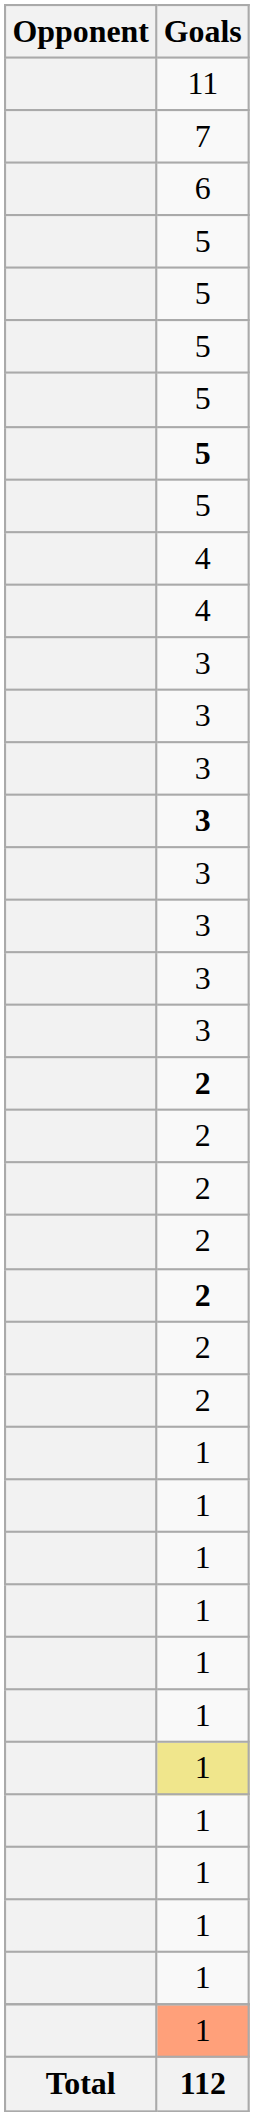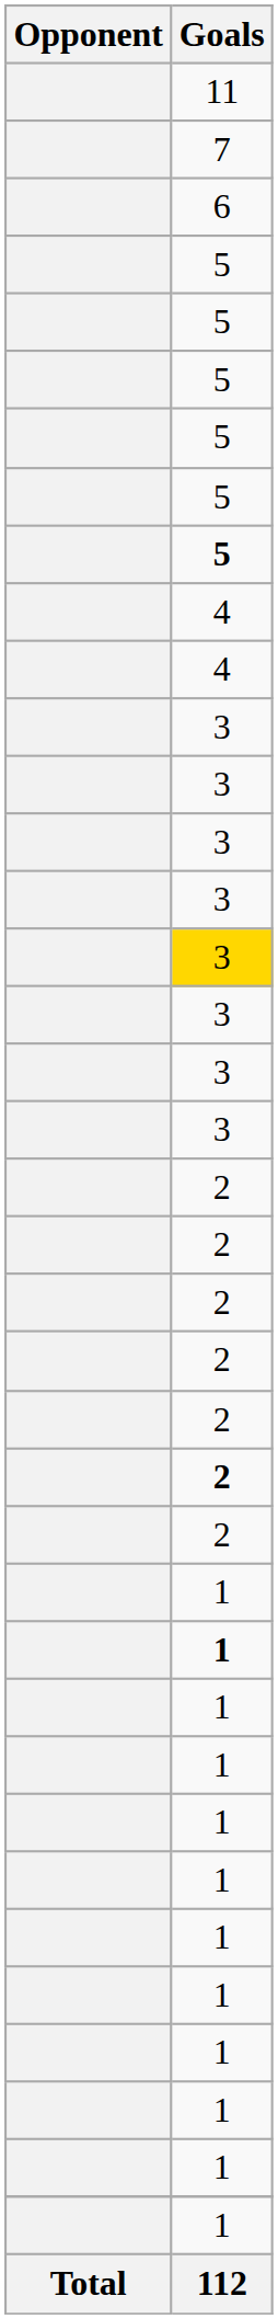 <table class="wikitable plainrowheaders sortable" style="text-align:center; font-size:95%">
 <tr>
 <th scope="col">Opponent</th>
 <th scope="col">Goals</th>
 </tr>
 <tr>
 <th scope="row"></th>
 <td>11</td>
 </tr>
 <tr>
 <th scope="row"></th>
 <td>7</td>
 </tr>
 <tr>
 <th scope="row"></th>
 <td>6</td>
 </tr>
 <tr>
 <th scope="row"></th>
 <td>5</td>
 </tr>
 <tr>
 <th scope="row"></th>
 <td>5</td>
 </tr>
 <tr>
 <th scope="row"></th>
 <td>5</td>
 </tr>
 <tr>
 <th scope="row"></th>
 <td>5</td>
 </tr>
 <tr>
 <th scope="row"></th>
-<td><strong>5</strong></td>
+<td>5</td>
 </tr>
 <tr>
 <th scope="row"></th>
-<td>5</td>
+<td><strong>5</strong></td>
 </tr>
 <tr>
 <th scope="row"></th>
 <td>4</td>
 </tr>
 <tr>
 <th scope="row"></th>
 <td>4</td>
 </tr>
 <tr>
 <th scope="row"></th>
 <td>3</td>
 </tr>
 <tr>
 <th scope="row"></th>
 <td>3</td>
 </tr>
 <tr>
 <th scope="row"></th>
 <td>3</td>
 </tr>
 <tr>
 <th scope="row"></th>
-<td><strong>3</strong></td>
+<td>3</td>
+</tr>
+<tr>
+<th scope="row"></th>
+<td style="background: gold;">3</td>
 </tr>
 <tr>
 <th scope="row"></th>
 <td>3</td>
 </tr>
 <tr>
 <th scope="row"></th>
 <td>3</td>
 </tr>
 <tr>
 <th scope="row"></th>
 <td>3</td>
 </tr>
 <tr>
 <th scope="row"></th>
-<td>3</td>
+<td>2</td>
 </tr>
 <tr>
 <th scope="row"></th>
-<td><strong>2</strong></td>
+<td>2</td>
 </tr>
 <tr>
 <th scope="row"></th>
 <td>2</td>
 </tr>
 <tr>
 <th scope="row"></th>
 <td>2</td>
 </tr>
 <tr>
 <th scope="row"></th>
 <td>2</td>
 </tr>
 <tr>
 <th scope="row"></th>
 <td><strong>2</strong></td>
 </tr>
 <tr>
 <th scope="row"></th>
 <td>2</td>
 </tr>
 <tr>
 <th scope="row"></th>
-<td>2</td>
+<td>1</td>
+</tr>
+<tr>
+<th scope="row"></th>
+<td><strong>1</strong></td>
 </tr>
 <tr>
 <th scope="row"></th>
 <td>1</td>
 </tr>
 <tr>
 <th scope="row"></th>
 <td>1</td>
 </tr>
 <tr>
 <th scope="row"></th>
 <td>1</td>
 </tr>
 <tr>
 <th scope="row"></th>
 <td>1</td>
 </tr>
 <tr>
 <th scope="row"></th>
 <td>1</td>
 </tr>
 <tr>
 <th scope="row"></th>
 <td>1</td>
 </tr>
 <tr>
 <th scope="row"></th>
-<td style="background: khaki;">1</td>
-</tr>
-<tr>
-<th scope="row"></th>
-<td>1</td>
-</tr>
-<tr>
-<th scope="row"></th>
 <td>1</td>
 </tr>
 <tr>
 <th scope="row"></th>
 <td>1</td>
 </tr>
 <tr>
 <th scope="row"></th>
 <td>1</td>
 </tr>
 <tr>
 </tr>
 <tr>
 <th scope="row"></th>
-<td style="background: lightsalmon;">1</td>
+<td>1</td>
 </tr>
 <tr>
 <th>Total</th>
 <th>112</th>
 </tr>
 </table>
